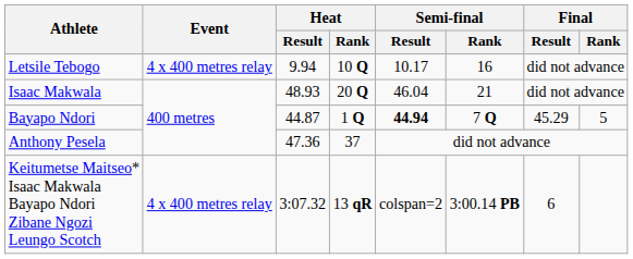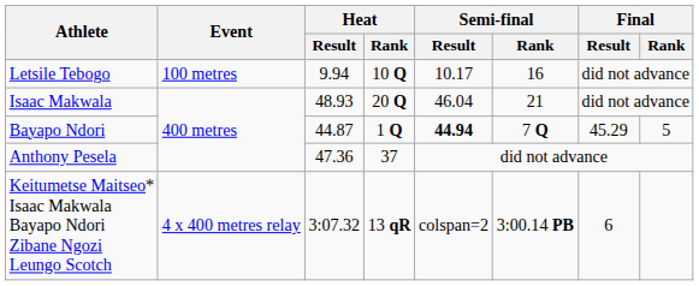 <table class=wikitable style=font-size:90%>
 <tr>
 <th rowspan=2>Athlete</th>
 <th rowspan=2>Event</th>
 <th colspan=2>Heat</th>
 <th colspan=2>Semi-final</th>
 <th colspan=2>Final</th>
 </tr>
 <tr style=font-size:95%>
 <th>Result</th>
 <th>Rank</th>
 <th>Result</th>
 <th>Rank</th>
 <th>Result</th>
 <th>Rank</th>
 </tr>
 <tr align=center>
 <td align=left><a href='#'>Letsile Tebogo</a></td>
-<td align=left><a href='#'>4 x 400 metres relay</a></td>
+<td align=left><a href='#'>100 metres</a></td>
 <td>9.94 </td>
 <td>10 <strong>Q</strong></td>
 <td>10.17</td>
 <td>16</td>
 <td colspan=2>did not advance</td>
 </tr>
 <tr align=center>
 <td align=left><a href='#'>Isaac Makwala</a></td>
 <td align=left rowspan=3><a href='#'>400 metres</a></td>
 <td>48.93</td>
 <td>20 <strong>Q</strong></td>
 <td>46.04</td>
 <td>21</td>
 <td colspan=2>did not advance</td>
 </tr>
 <tr align=center>
 <td align=left><a href='#'>Bayapo Ndori</a></td>
 <td>44.87 </td>
 <td>1 <strong>Q</strong></td>
 <td><strong>44.94</strong></td>
 <td>7 <strong>Q</strong></td>
 <td>45.29</td>
 <td>5</td>
 </tr>
 <tr align=center>
 <td align=left><a href='#'>Anthony Pesela</a></td>
 <td>47.36</td>
 <td>37</td>
 <td colspan=4>did not advance</td>
 </tr>
 <tr align=center>
 <td align=left><a href='#'>Keitumetse Maitseo</a>*<br>Isaac Makwala<br>Bayapo Ndori<br><a href='#'>Zibane Ngozi</a><br><a href='#'>Leungo Scotch</a></td>
 <td align=left><a href='#'>4 x 400 metres relay</a></td>
 <td>3:07.32</td>
 <td>13 <strong>qR</strong></td>
 <td>colspan=2</td>
 <td>3:00.14  <strong>PB</strong></td>
 <td>6</td>
 </tr>
 </table>
